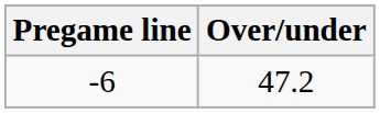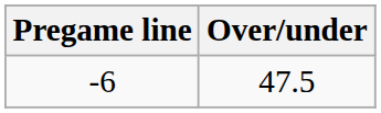 <table class="wikitable" style="margin-left: auto; margin-right: auto; border: none; display: inline-table;">
 <tr align="center">
 <th style=>Pregame line</th>
 <th style=>Over/under</th>
 </tr>
 <tr align="center">
 <td>-6</td>
-<td>47.2</td>
+<td>47.5</td>
 </tr>
 </table>
